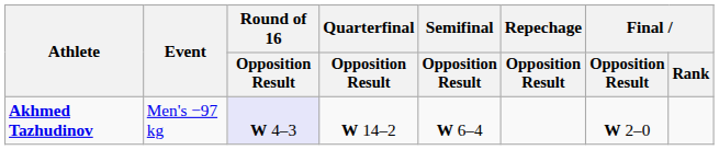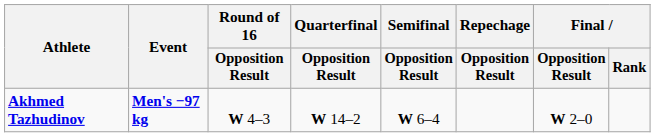 <table class="wikitable" style="font-size:90%">
 <tr>
 <th rowspan=2>Athlete</th>
 <th rowspan=2>Event</th>
 <th>Round of 16</th>
 <th>Quarterfinal</th>
 <th>Semifinal</th>
 <th>Repechage</th>
 <th colspan=2>Final / </th>
 </tr>
 <tr style="font-size: 95%">
 <th>Opposition<br>Result</th>
 <th>Opposition<br>Result</th>
 <th>Opposition<br>Result</th>
 <th>Opposition<br>Result</th>
 <th>Opposition<br>Result</th>
 <th>Rank</th>
 </tr>
 <tr align=center>
 <td align=left><strong><a href='#'>Akhmed Tazhudinov</a></strong></td>
-<td align=left><a href='#'>Men's −97 kg</a></td>
-<td style="background: lavender;"><br><strong>W</strong> 4–3</td>
+<td align=left><strong><a href='#'>Men's −97 kg</a></strong></td>
+<td><br><strong>W</strong> 4–3</td>
 <td><br><strong>W</strong> 14–2</td>
 <td><br><strong>W</strong> 6–4</td>
 <td></td>
 <td><br><strong>W</strong> 2–0</td>
 <td></td>
 </tr>
 </table>
